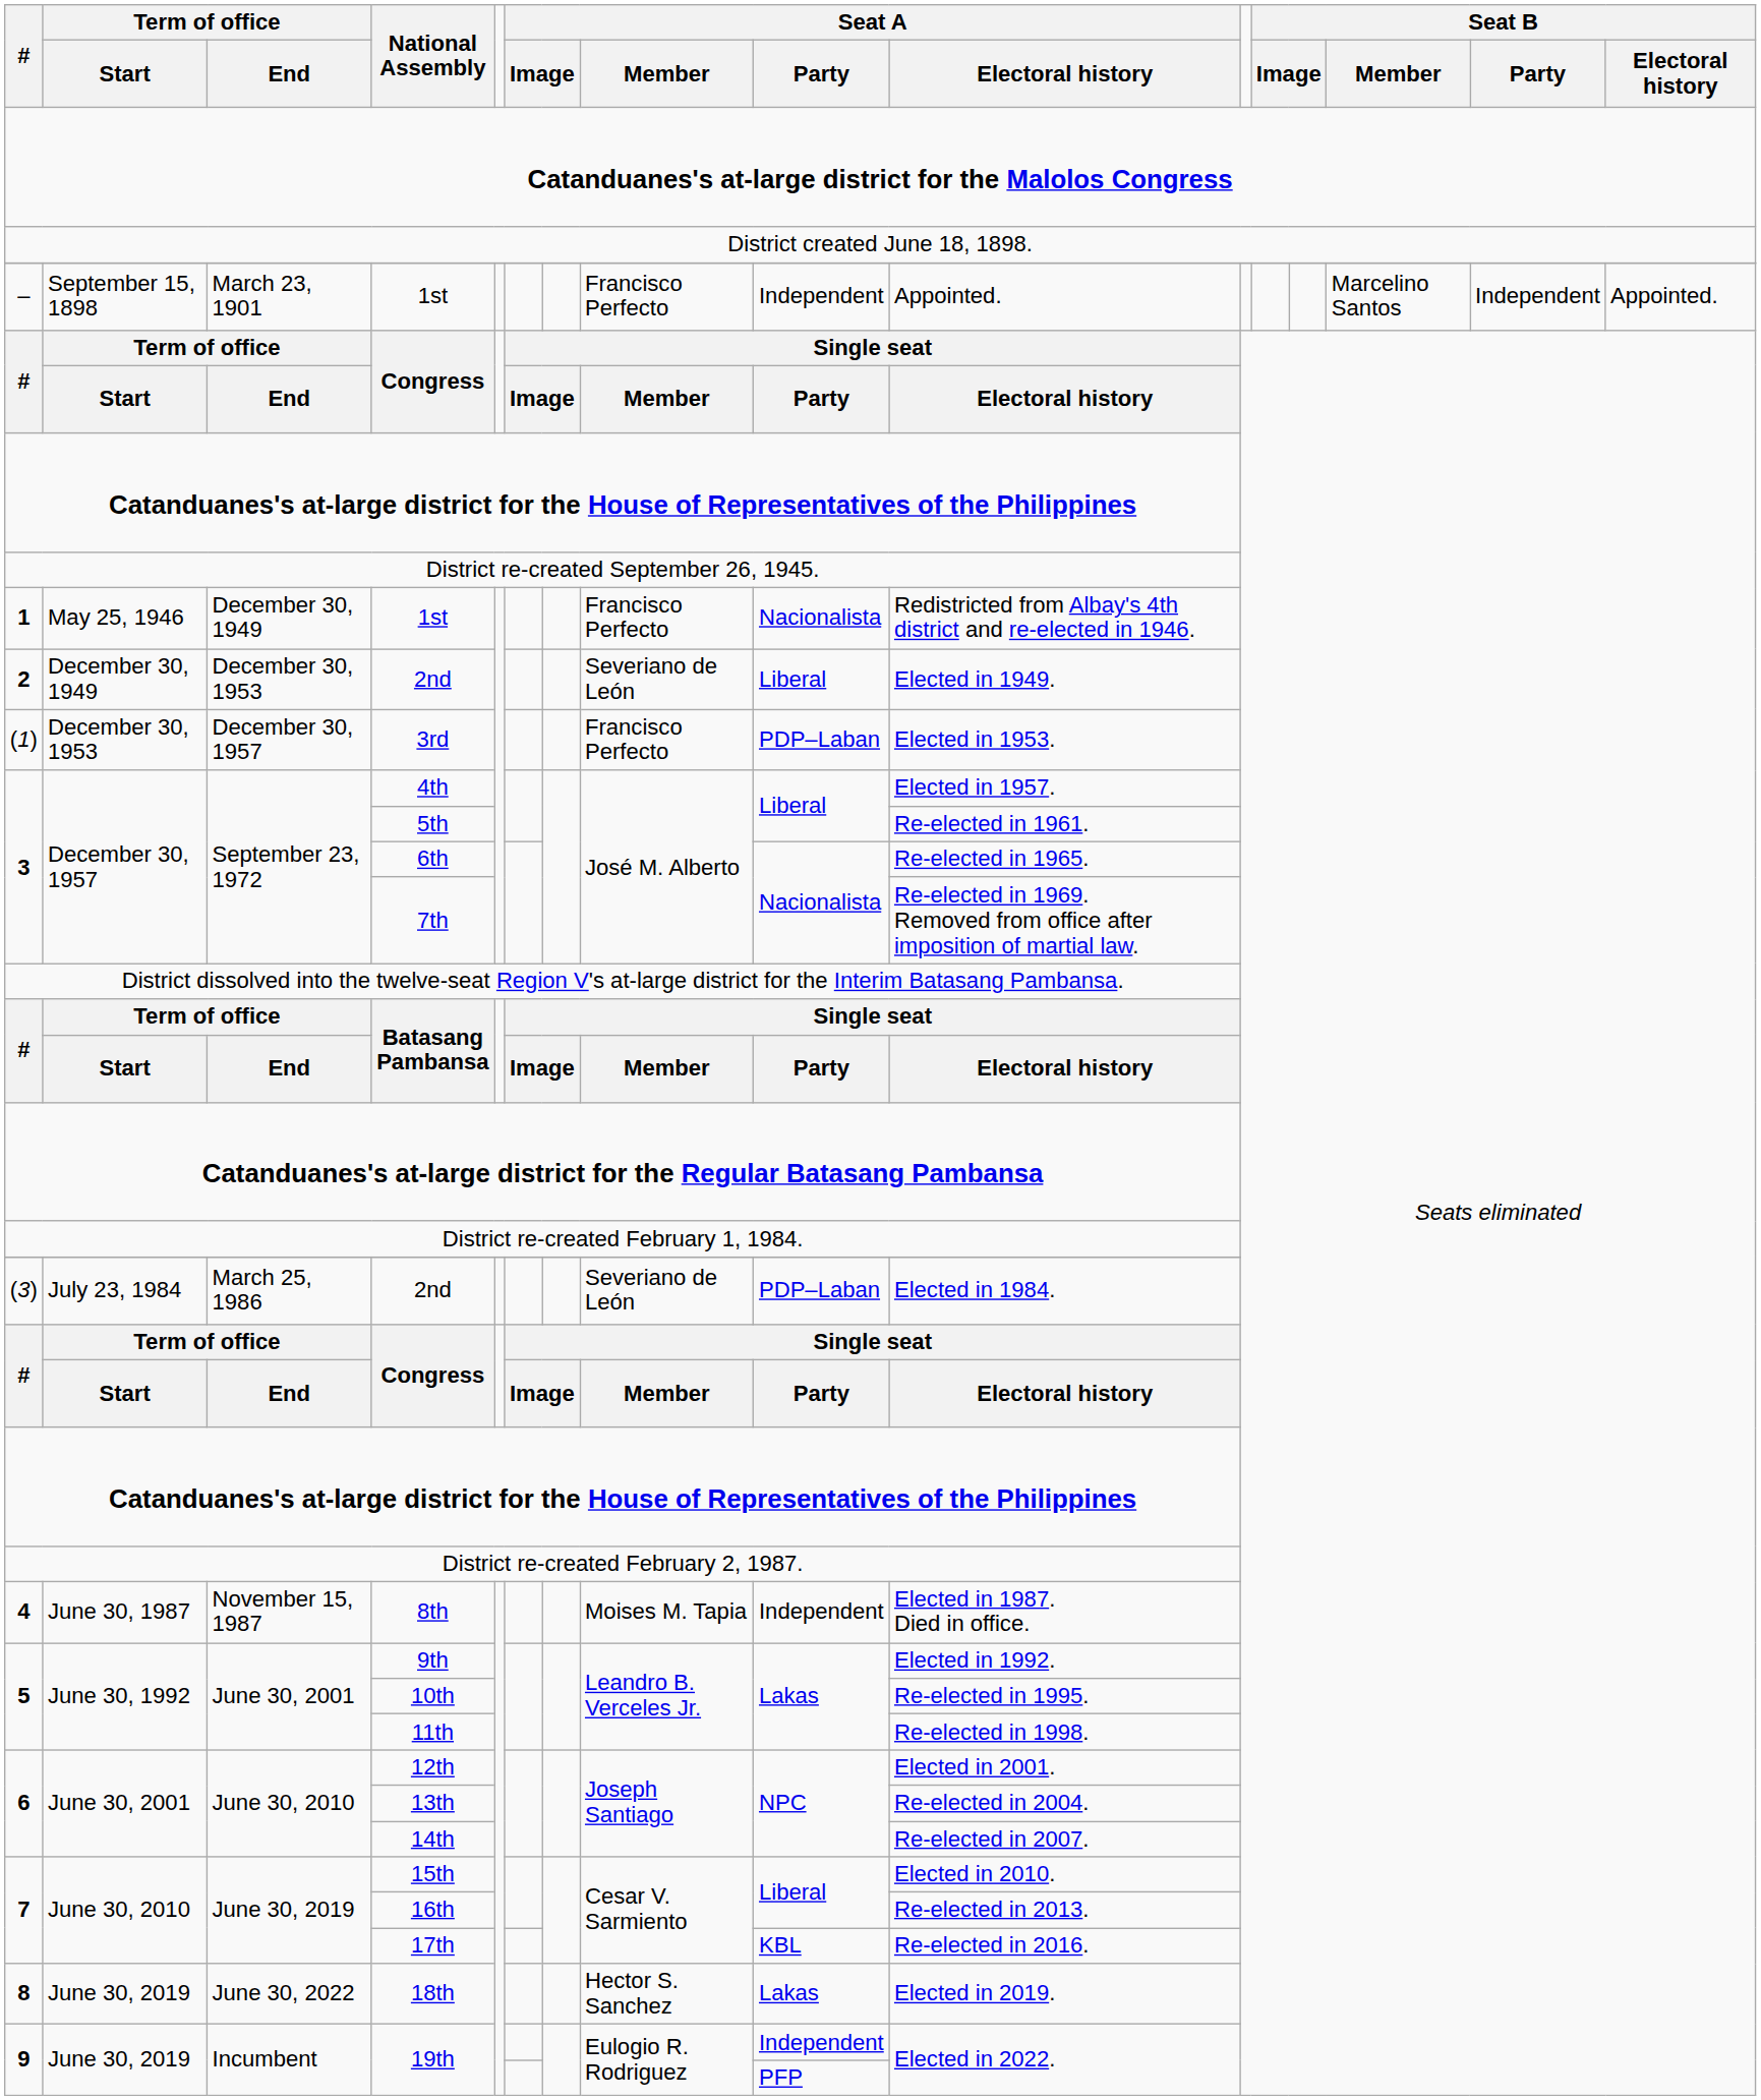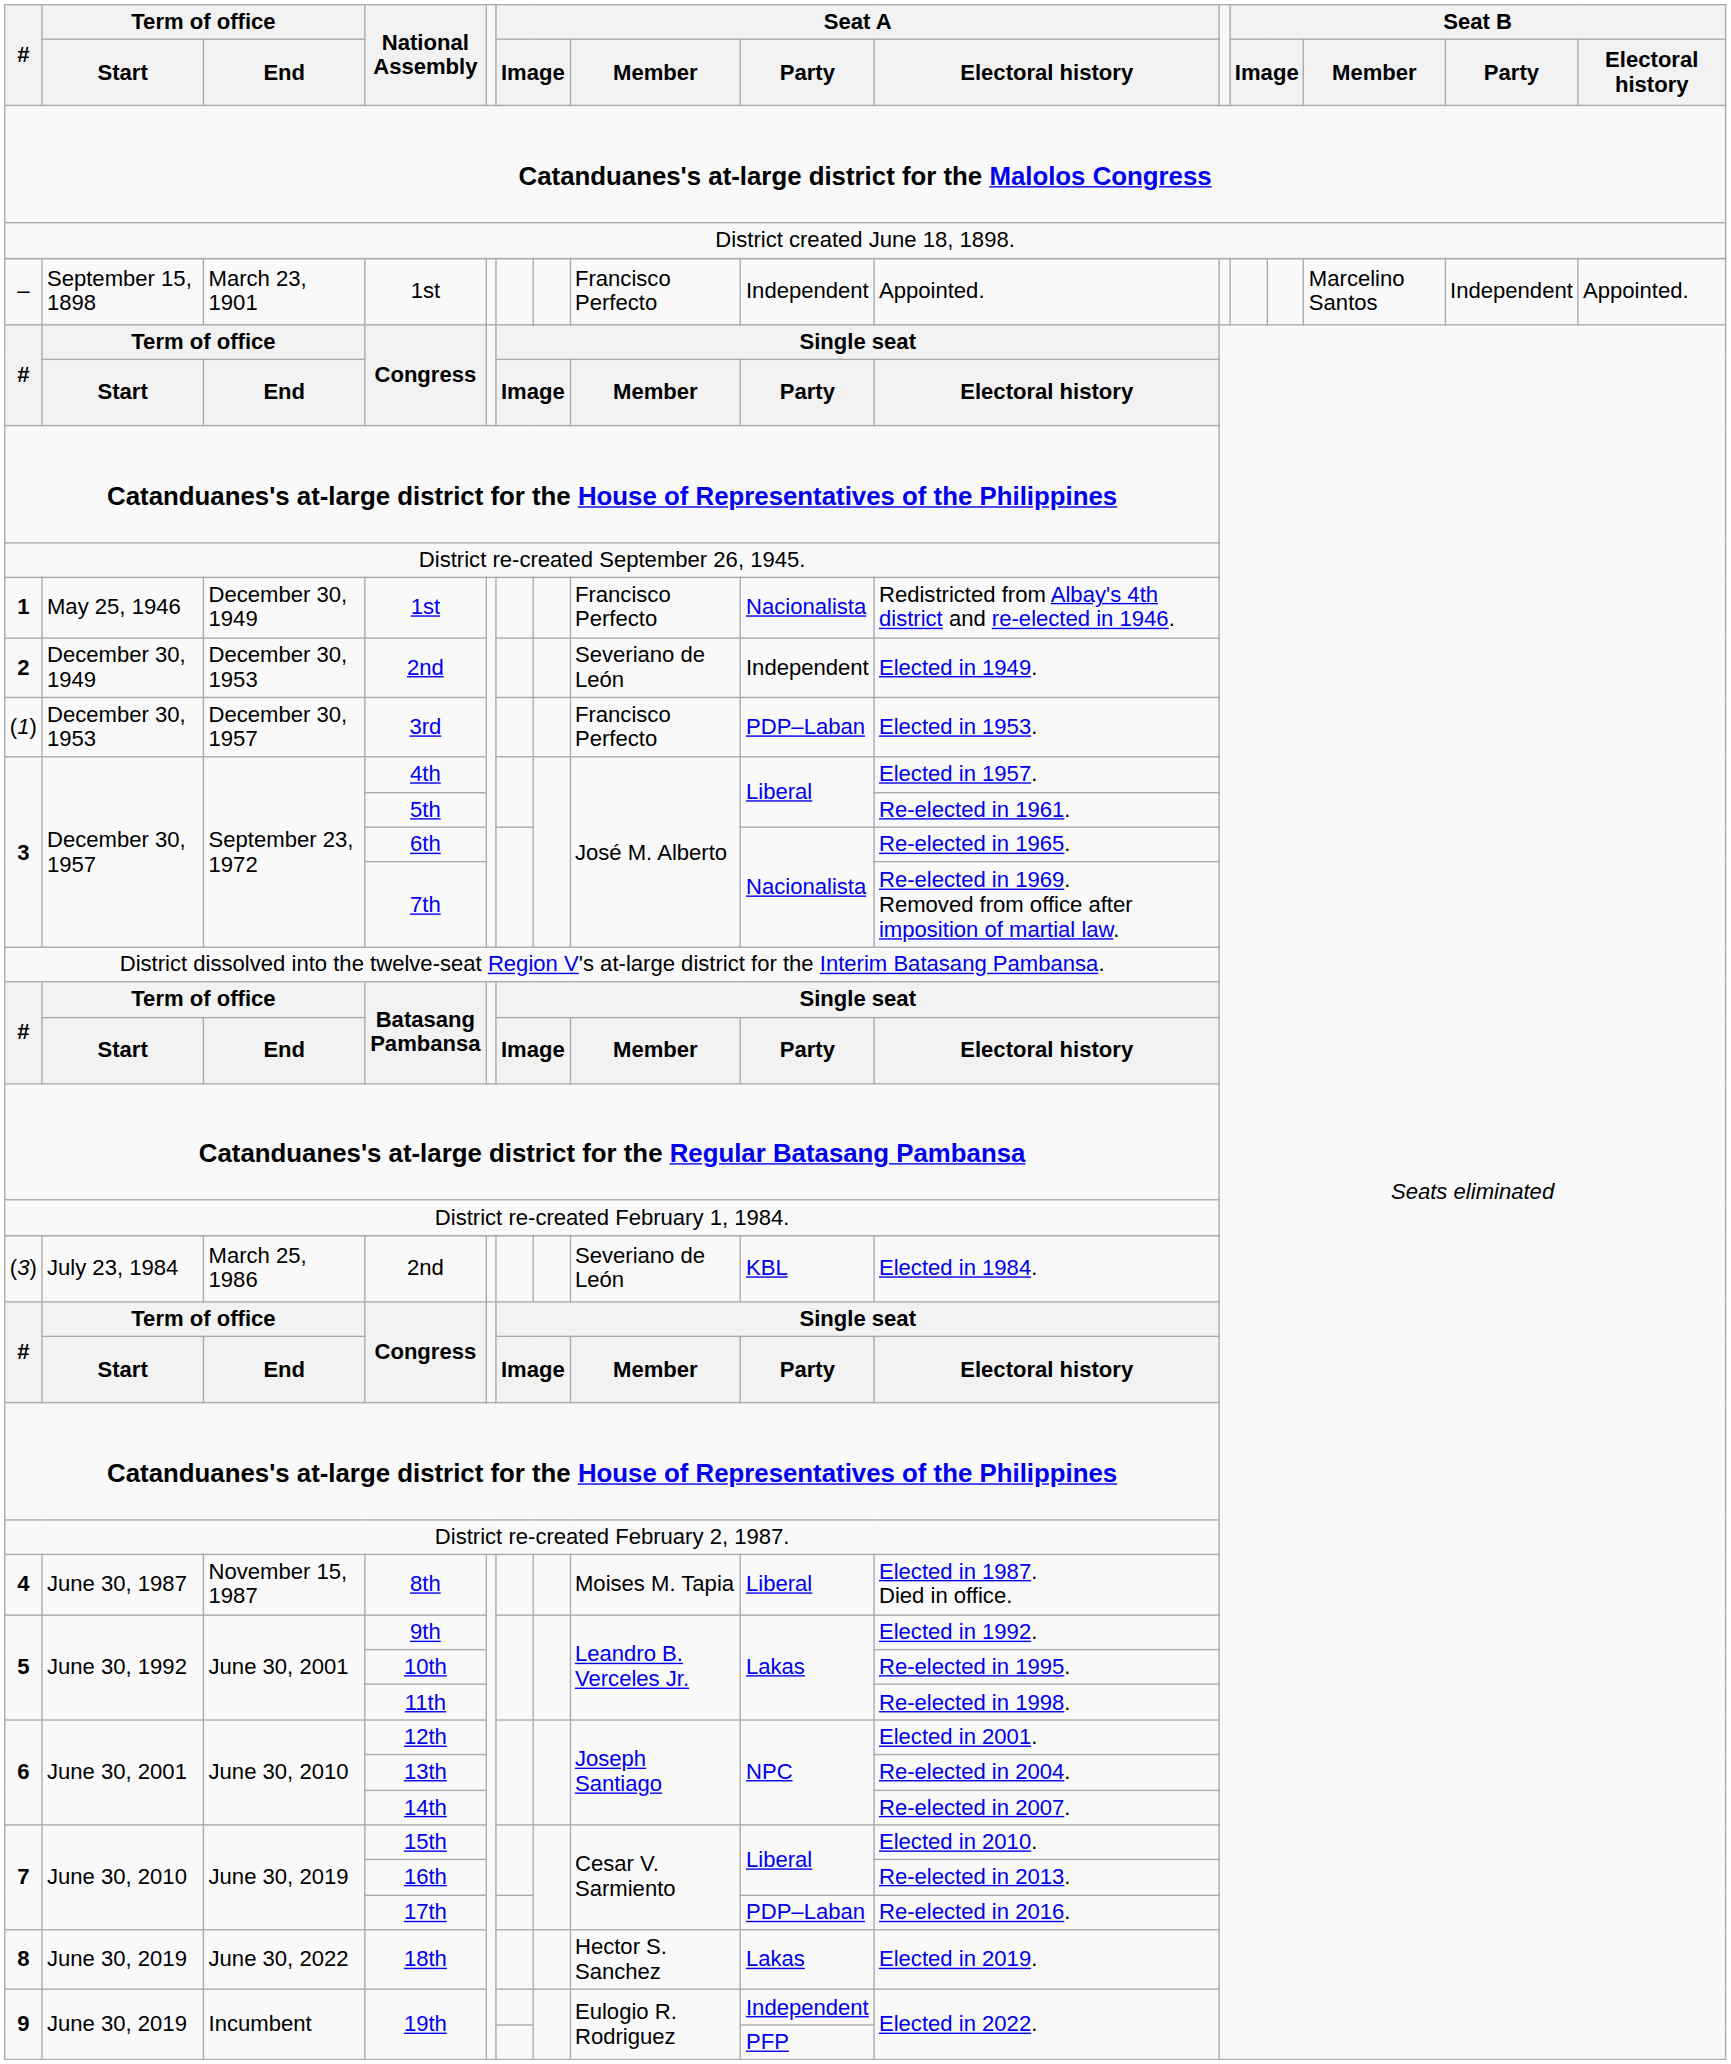 <table class=wikitable>
 <tr>
 <th rowspan=2>#</th>
 <th colspan=2>Term of office</th>
 <th rowspan=2>National<br>Assembly</th>
 <td rowspan=2></td>
 <th colspan=5>Seat A</th>
 <td rowspan=2></td>
 <th colspan=5>Seat B</th>
 </tr>
 <tr style="height:3em">
 <th>Start</th>
 <th>End</th>
 <th colspan="2" style="text-align:center;">Image</th>
 <th>Member</th>
 <th>Party</th>
 <th>Electoral history</th>
 <th colspan="2" style="text-align:center;">Image</th>
 <th>Member</th>
 <th>Party</th>
 <th>Electoral history</th>
 </tr>
 <tr>
 <td colspan="16" style="text-align:center;"><br><h3>Catanduanes's at-large district for the <a href='#'>Malolos Congress</a></h3></td>
 </tr>
 <tr>
 <td colspan="16" style="text-align:center;">District created June 18, 1898.</td>
 </tr>
 <tr>
 </tr>
 <tr style="height:3em">
 <td style="text-align:center;">–</td>
 <td>September 15, 1898</td>
 <td>March 23, 1901</td>
 <td style="text-align:center;">1st</td>
 <td></td>
 <td style="color:inherit;background:"></td>
 <td></td>
 <td>Francisco Perfecto</td>
 <td>Independent</td>
 <td>Appointed.</td>
 <td></td>
 <td style="color:inherit;background:"></td>
 <td></td>
 <td>Marcelino Santos</td>
 <td>Independent</td>
 <td>Appointed.</td>
 </tr>
 <tr>
 <th rowspan=2>#</th>
 <th colspan=2>Term of office</th>
 <th rowspan=2>Congress</th>
 <td rowspan=2></td>
 <th colspan=5>Single seat</th>
 <td rowspan=59 colspan=6 style="text-align:center;"><em>Seats eliminated</em></td>
 </tr>
 <tr style="height:3em">
 <th>Start</th>
 <th>End</th>
 <th colspan="2" style="text-align:center;">Image</th>
 <th>Member</th>
 <th>Party</th>
 <th>Electoral history</th>
 </tr>
 <tr>
 <td colspan="10" style="text-align:center;"><br><h3>Catanduanes's at-large district for the <a href='#'>House of Representatives of the Philippines</a></h3></td>
 </tr>
 <tr>
 <td colspan="10" style="text-align:center;">District re-created September 26, 1945.</td>
 </tr>
 <tr>
 <td style="text-align:center;"><strong>1</strong></td>
 <td>May 25, 1946</td>
 <td>December 30, 1949</td>
 <td style="text-align:center;"><a href='#'>1st</a></td>
 <td rowspan=7></td>
 <td style="color:inherit;background:"></td>
 <td></td>
 <td>Francisco Perfecto</td>
 <td><a href='#'>Nacionalista</a></td>
 <td>Redistricted from <a href='#'>Albay's 4th district</a> and <a href='#'>re-elected in 1946</a>.</td>
 </tr>
 <tr>
 <td style="text-align:center;"><strong>2</strong></td>
 <td>December 30, 1949</td>
 <td>December 30, 1953</td>
 <td style="text-align:center;"><a href='#'>2nd</a></td>
 <td style="color:inherit;background:"></td>
 <td></td>
 <td>Severiano de León</td>
-<td><a href='#'>Liberal</a></td>
+<td>Independent</td>
 <td><a href='#'>Elected in 1949</a>.</td>
 </tr>
 <tr>
 <td style="text-align:center;">(<em>1</em>)</td>
 <td>December 30, 1953</td>
 <td>December 30, 1957</td>
 <td style="text-align:center;"><a href='#'>3rd</a></td>
 <td style="color:inherit;background:"></td>
 <td></td>
 <td>Francisco Perfecto</td>
 <td><a href='#'>PDP–Laban</a></td>
 <td><a href='#'>Elected in 1953</a>.</td>
 </tr>
 <tr>
 <td rowspan="4" style="text-align:center;"><strong>3</strong></td>
 <td rowspan="4">December 30, 1957</td>
 <td rowspan="4">September 23, 1972</td>
 <td style="text-align:center;"><a href='#'>4th</a></td>
 <td rowspan="2" style="color:inherit;background:"></td>
 <td rowspan="4"></td>
 <td rowspan="4">José M. Alberto</td>
 <td rowspan="2"><a href='#'>Liberal</a></td>
 <td><a href='#'>Elected in 1957</a>.</td>
 </tr>
 <tr>
 <td style="text-align:center;"><a href='#'>5th</a></td>
 <td><a href='#'>Re-elected in 1961</a>.</td>
 </tr>
 <tr>
 <td style="text-align:center;"><a href='#'>6th</a></td>
 <td rowspan="2" style="color:inherit;background:"></td>
 <td rowspan="2"><a href='#'>Nacionalista</a></td>
 <td><a href='#'>Re-elected in 1965</a>.</td>
 </tr>
 <tr>
 <td style="text-align:center;"><a href='#'>7th</a></td>
 <td><a href='#'>Re-elected in 1969</a>.<br>Removed from office after <a href='#'>imposition of martial law</a>.</td>
 </tr>
 <tr>
 <td colspan="10" style="text-align:center;">District dissolved into the twelve-seat <a href='#'>Region V</a>'s at-large district for the <a href='#'>Interim Batasang Pambansa</a>.</td>
 </tr>
 <tr>
 <th rowspan=2>#</th>
 <th colspan=2>Term of office</th>
 <th rowspan=2>Batasang<br>Pambansa</th>
 <td rowspan=2></td>
 <th colspan=5>Single seat</th>
 </tr>
 <tr style="height:3em">
 <th>Start</th>
 <th>End</th>
 <th colspan="2" style="text-align:center;">Image</th>
 <th>Member</th>
 <th>Party</th>
 <th>Electoral history</th>
 </tr>
 <tr>
 <td colspan="10" style="text-align:center;"><br><h3>Catanduanes's at-large district for the <a href='#'>Regular Batasang Pambansa</a></h3></td>
 </tr>
 <tr>
 <td colspan="10" style="text-align:center;">District re-created February 1, 1984.</td>
 </tr>
 <tr>
 </tr>
 <tr style="height:3em">
 <td style="text-align:center;">(<em>3</em>)</td>
 <td>July 23, 1984</td>
 <td>March 25, 1986</td>
 <td style="text-align:center;">2nd</td>
 <td></td>
 <td style="color:inherit;background:"></td>
 <td></td>
 <td>Severiano de León</td>
-<td><a href='#'>PDP–Laban</a></td>
+<td><a href='#'>KBL</a></td>
 <td><a href='#'>Elected in 1984</a>.</td>
 </tr>
 <tr>
 <th rowspan=2>#</th>
 <th colspan=2>Term of office</th>
 <th rowspan=2>Congress</th>
 <td rowspan=2></td>
 <th colspan=5>Single seat</th>
 </tr>
 <tr style="height:3em">
 <th>Start</th>
 <th>End</th>
 <th colspan="2" style="text-align:center;">Image</th>
 <th>Member</th>
 <th>Party</th>
 <th>Electoral history</th>
 </tr>
 <tr>
 <td colspan="10" style="text-align:center;"><br><h3>Catanduanes's at-large district for the <a href='#'>House of Representatives of the Philippines</a></h3></td>
 </tr>
 <tr>
 <td colspan="10" style="text-align:center;">District re-created February 2, 1987.</td>
 </tr>
 <tr>
 <td style="text-align:center;"><strong>4</strong></td>
 <td>June 30, 1987</td>
 <td>November 15, 1987</td>
 <td style="text-align:center;"><a href='#'>8th</a></td>
 <td rowspan="13"></td>
 <td style="color:inherit;background:"></td>
 <td></td>
 <td>Moises M. Tapia</td>
-<td>Independent</td>
+<td><a href='#'>Liberal</a></td>
 <td><a href='#'>Elected in 1987</a>.<br>Died in office.</td>
 </tr>
 <tr>
 <td rowspan="3" style="text-align:center;"><strong>5</strong></td>
 <td rowspan="3">June 30, 1992</td>
 <td rowspan="3">June 30, 2001</td>
 <td style="text-align:center;"><a href='#'>9th</a></td>
 <td rowspan="3" style="color:inherit;background:"></td>
 <td rowspan="3"></td>
 <td rowspan="3"><a href='#'>Leandro B. Verceles Jr.</a></td>
 <td rowspan="3"><a href='#'>Lakas</a></td>
 <td><a href='#'>Elected in 1992</a>.</td>
 </tr>
 <tr>
 <td style="text-align:center;"><a href='#'>10th</a></td>
 <td><a href='#'>Re-elected in 1995</a>.</td>
 </tr>
 <tr>
 <td style="text-align:center;"><a href='#'>11th</a></td>
 <td><a href='#'>Re-elected in 1998</a>.</td>
 </tr>
 <tr>
 <td rowspan="3" style="text-align:center;"><strong>6</strong></td>
 <td rowspan="3">June 30, 2001</td>
 <td rowspan="3">June 30, 2010</td>
 <td style="text-align:center;"><a href='#'>12th</a></td>
 <td rowspan="3" style="color:inherit;background:"></td>
 <td rowspan="3"></td>
 <td rowspan="3"><a href='#'>Joseph Santiago</a></td>
 <td rowspan="3"><a href='#'>NPC</a></td>
 <td><a href='#'>Elected in 2001</a>.</td>
 </tr>
 <tr>
 <td style="text-align:center;"><a href='#'>13th</a></td>
 <td><a href='#'>Re-elected in 2004</a>.</td>
 </tr>
 <tr>
 <td style="text-align:center;"><a href='#'>14th</a></td>
 <td><a href='#'>Re-elected in 2007</a>.</td>
 </tr>
 <tr>
 <td rowspan="3" style="text-align:center;"><strong>7</strong></td>
 <td rowspan="3">June 30, 2010</td>
 <td rowspan="3">June 30, 2019</td>
 <td style="text-align:center;"><a href='#'>15th</a></td>
 <td rowspan="2" style="color:inherit;background:"></td>
 <td rowspan="3"></td>
 <td rowspan="3">Cesar V. Sarmiento</td>
 <td rowspan="2"><a href='#'>Liberal</a></td>
 <td><a href='#'>Elected in 2010</a>.</td>
 </tr>
 <tr>
 <td style="text-align:center;"><a href='#'>16th</a></td>
 <td><a href='#'>Re-elected in 2013</a>.</td>
 </tr>
 <tr>
 <td style="text-align:center;"><a href='#'>17th</a></td>
 <td style="color:inherit;background:"></td>
-<td><a href='#'>KBL</a></td>
+<td><a href='#'>PDP–Laban</a></td>
 <td><a href='#'>Re-elected in 2016</a>.</td>
 </tr>
 <tr>
 <td style="text-align:center;"><strong>8</strong></td>
 <td>June 30, 2019</td>
 <td>June 30, 2022</td>
 <td style="text-align:center;"><a href='#'>18th</a></td>
 <td style="color:inherit;background:"></td>
 <td></td>
 <td>Hector S. Sanchez</td>
 <td><a href='#'>Lakas</a></td>
 <td><a href='#'>Elected in 2019</a>.</td>
 </tr>
 <tr>
 <td style="text-align:center;" rowspan="2"><strong>9</strong></td>
 <td rowspan="2">June 30, 2019</td>
 <td rowspan="2">Incumbent</td>
 <td style="text-align:center;" rowspan="2"><a href='#'>19th</a></td>
 <td style="color:inherit;background:"></td>
 <td rowspan="2"></td>
 <td rowspan="2">Eulogio R. Rodriguez</td>
 <td><a href='#'>Independent</a></td>
 <td rowspan="2"><a href='#'>Elected in 2022</a>.</td>
 </tr>
 <tr>
 <td style="color:inherit;background:"></td>
 <td><a href='#'>PFP</a></td>
 </tr>
 </table>
